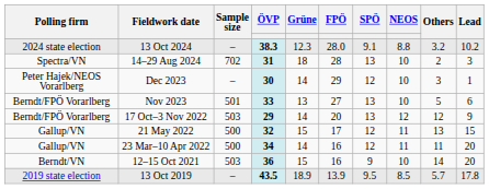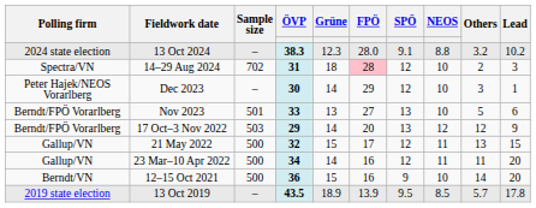 <table class="wikitable sortable" style="text-align:center;font-size:90%;line-height:14px;">
 <tr style="height:40px;">
 <th rowspan="2" style="width:150px;">Polling firm</th>
 <th rowspan="2" style="width:125px;">Fieldwork date</th>
 <th rowspan="2" style="width:35px;">Sample<br>size</th>
 <th class="unsortable" style="width:40px;"><a href='#'>ÖVP</a></th>
 <th class="unsortable" style="width:40px;"><a href='#'>Grüne</a></th>
 <th class="unsortable" style="width:40px;"><a href='#'>FPÖ</a></th>
 <th class="unsortable" style="width:40px;"><a href='#'>SPÖ</a></th>
 <th class="unsortable" style="width:40px;"><a href='#'>NEOS</a></th>
 <th rowspan="2" class="unsortable" style="width:40px;">Others</th>
 <th rowspan="2" style="width:30px;">Lead</th>
 </tr>
 <tr>
 <th style="background:"></th>
 <th style="background:"></th>
 <th style="background:"></th>
 <th style="background:"></th>
 <th style="background:"></th>
 </tr>
 <tr style="background:#E9E9E9;">
 <td>2024 state election</td>
 <td data-sort-value="2024-10-12">13 Oct 2024</td>
 <td>–</td>
 <td style="background:#D2EDF1;"><strong>38.3</strong></td>
 <td>12.3</td>
 <td>28.0</td>
 <td>9.1</td>
 <td>8.8</td>
 <td>3.2</td>
 <td style="background:">10.2</td>
 </tr>
 <tr>
 <td>Spectra/VN</td>
 <td data-sort-value="2024-08-29">14–29 Aug 2024</td>
 <td>702</td>
 <td style="background:#D2EDF1;"><strong>31</strong></td>
 <td>18</td>
-<td>28</td>
-<td>13</td>
+<td style="background: pink;">28</td>
+<td>12</td>
 <td>10</td>
 <td>2</td>
 <td style="background:">3</td>
 </tr>
 <tr>
 <td>Peter Hajek/NEOS Vorarlberg</td>
 <td data-sort-value="2023-12-01">Dec 2023</td>
 <td>–</td>
 <td style="background:#D2EDF1;"><strong>30</strong></td>
 <td>14</td>
 <td>29</td>
 <td>12</td>
 <td>10</td>
 <td>3</td>
 <td style="background:">1</td>
 </tr>
 <tr>
 <td>Berndt/FPÖ Vorarlberg</td>
 <td data-sort-value="2023-11-01">Nov 2023</td>
 <td>501</td>
 <td style="background:#D2EDF1;"><strong>33</strong></td>
 <td>13</td>
 <td>27</td>
 <td>13</td>
 <td>10</td>
 <td>5</td>
 <td style="background:">6</td>
 </tr>
 <tr>
 <td>Berndt/FPÖ Vorarlberg</td>
 <td data-sort-value="2022-11-03">17 Oct–3 Nov 2022</td>
 <td>503</td>
 <td style="background:#D2EDF1;"><strong>29</strong></td>
 <td>14</td>
 <td>20</td>
 <td>13</td>
 <td>12</td>
 <td>12</td>
 <td style="background:">9</td>
 </tr>
 <tr>
 <td>Gallup/VN</td>
 <td data-sort-value="2022-05-21">21 May 2022</td>
 <td>500</td>
 <td style="background:#D2EDF1;"><strong>32</strong></td>
 <td>15</td>
 <td>17</td>
 <td>12</td>
 <td>11</td>
 <td>13</td>
 <td style="background:">15</td>
 </tr>
 <tr>
 <td>Gallup/VN</td>
 <td data-sort-value="2022-04-16">23 Mar–10 Apr 2022</td>
 <td>500</td>
 <td style="background:#D2EDF1;"><strong>34</strong></td>
 <td>14</td>
 <td>16</td>
 <td>12</td>
 <td>11</td>
 <td>11</td>
 <td style="background:">20</td>
 </tr>
 <tr>
 <td>Berndt/VN</td>
 <td data-sort-value="2021-10-23">12–15 Oct 2021</td>
-<td>503</td>
+<td>500</td>
 <td style="background:#D2EDF1;"><strong>36</strong></td>
 <td>15</td>
 <td>16</td>
 <td>9</td>
 <td>10</td>
 <td>14</td>
 <td style="background:">20</td>
 </tr>
 <tr style="background:#E9E9E9;">
 <td><a href='#'>2019 state election</a></td>
 <td data-sort-value="2019-10-13">13 Oct 2019</td>
 <td>–</td>
 <td style="background:#D2EDF1;"><strong>43.5</strong></td>
 <td>18.9</td>
 <td>13.9</td>
 <td>9.5</td>
 <td>8.5</td>
 <td>5.7</td>
 <td style="background:">17.8</td>
 </tr>
 </table>
